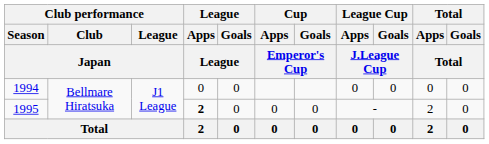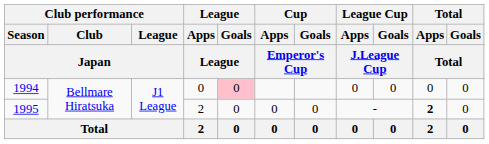 <table class="wikitable" style="text-align:center;">
 <tr>
 <th colspan=3>Club performance</th>
 <th colspan=2>League</th>
 <th colspan=2>Cup</th>
 <th colspan=2>League Cup</th>
 <th colspan=2>Total</th>
 </tr>
 <tr>
 <th>Season</th>
 <th>Club</th>
 <th>League</th>
 <th>Apps</th>
 <th>Goals</th>
 <th>Apps</th>
 <th>Goals</th>
 <th>Apps</th>
 <th>Goals</th>
 <th>Apps</th>
 <th>Goals</th>
 </tr>
 <tr>
 <th colspan=3>Japan</th>
 <th colspan=2>League</th>
 <th colspan=2><a href='#'>Emperor's Cup</a></th>
 <th colspan=2><a href='#'>J.League Cup</a></th>
 <th colspan=2>Total</th>
 </tr>
 <tr>
 <td><a href='#'>1994</a></td>
 <td rowspan="2"><a href='#'>Bellmare Hiratsuka</a></td>
 <td rowspan="2"><a href='#'>J1 League</a></td>
 <td>0</td>
-<td>0</td>
+<td style="background: pink;">0</td>
 <td></td>
 <td></td>
 <td>0</td>
 <td>0</td>
 <td>0</td>
 <td>0</td>
 </tr>
 <tr>
 <td><a href='#'>1995</a></td>
-<td><strong>2</strong></td>
+<td>2</td>
 <td>0</td>
 <td>0</td>
 <td>0</td>
 <td colspan="2">-</td>
-<td>2</td>
+<td><strong>2</strong></td>
 <td>0</td>
 </tr>
 <tr>
 <th colspan=3>Total</th>
 <th>2</th>
 <th>0</th>
 <th>0</th>
 <th>0</th>
 <th>0</th>
 <th>0</th>
 <th>2</th>
 <th>0</th>
 </tr>
 </table>
